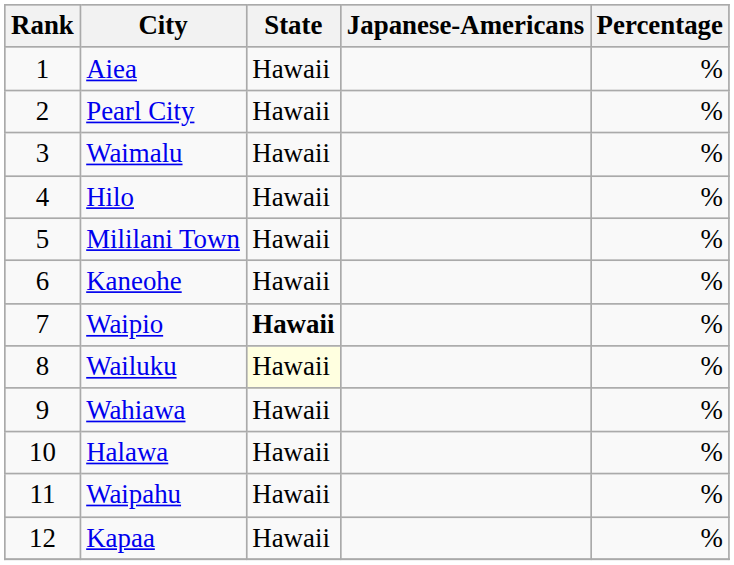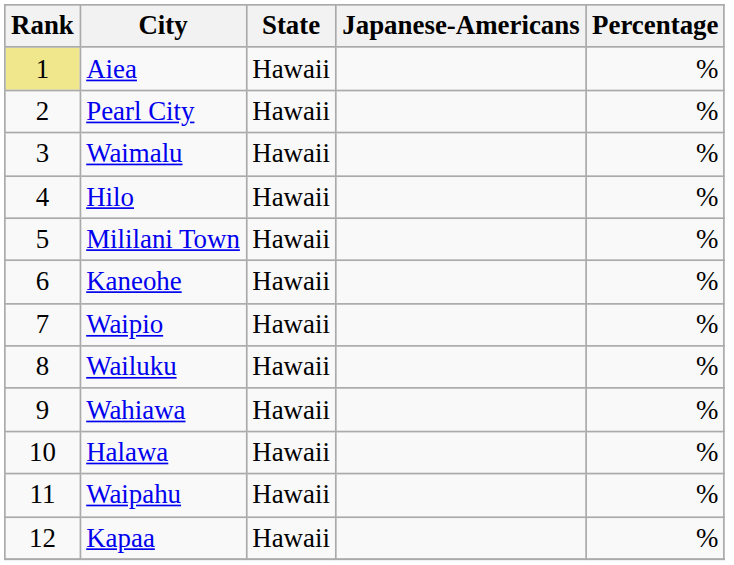 <table class="wikitable sortable">
 <tr>
 <th>Rank</th>
 <th>City</th>
 <th>State</th>
 <th>Japanese-Americans</th>
 <th>Percentage</th>
 </tr>
 <tr>
-<td align=center>1</td>
+<td align=center style="background: khaki;">1</td>
 <td><a href='#'>Aiea</a></td>
 <td>Hawaii</td>
 <td align=right></td>
 <td align=right>%</td>
 </tr>
 <tr>
 <td align=center>2</td>
 <td><a href='#'>Pearl City</a></td>
 <td>Hawaii</td>
 <td align=right></td>
 <td align=right>%</td>
 </tr>
 <tr>
 <td align=center>3</td>
 <td><a href='#'>Waimalu</a></td>
 <td>Hawaii</td>
 <td align=right></td>
 <td align=right>%</td>
 </tr>
 <tr>
 <td align=center>4</td>
 <td><a href='#'>Hilo</a></td>
 <td>Hawaii</td>
 <td align=right></td>
 <td align=right>%</td>
 </tr>
 <tr>
 <td align=center>5</td>
 <td><a href='#'>Mililani Town</a></td>
 <td>Hawaii</td>
 <td align=right></td>
 <td align=right>%</td>
 </tr>
 <tr>
 <td align=center>6</td>
 <td><a href='#'>Kaneohe</a></td>
 <td>Hawaii</td>
 <td align=right></td>
 <td align=right>%</td>
 </tr>
 <tr>
 <td align=center>7</td>
 <td><a href='#'>Waipio</a></td>
-<td><strong>Hawaii</strong></td>
+<td>Hawaii</td>
 <td align=right></td>
 <td align=right>%</td>
 </tr>
 <tr>
 <td align=center>8</td>
 <td><a href='#'>Wailuku</a></td>
-<td style="background: lightyellow;">Hawaii</td>
+<td>Hawaii</td>
 <td align=right></td>
 <td align=right>%</td>
 </tr>
 <tr>
 <td align=center>9</td>
 <td><a href='#'>Wahiawa</a></td>
 <td>Hawaii</td>
 <td align=right></td>
 <td align=right>%</td>
 </tr>
 <tr>
 <td align=center>10</td>
 <td><a href='#'>Halawa</a></td>
 <td>Hawaii</td>
 <td align=right></td>
 <td align=right>%</td>
 </tr>
 <tr>
 <td align=center>11</td>
 <td><a href='#'>Waipahu</a></td>
 <td>Hawaii</td>
 <td align=right></td>
 <td align=right>%</td>
 </tr>
 <tr>
 <td align=center>12</td>
 <td><a href='#'>Kapaa</a></td>
 <td>Hawaii</td>
 <td align=right></td>
 <td align=right>%</td>
 </tr>
 <tr>
 </tr>
 </table>
